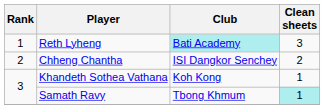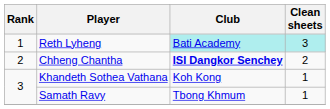 <table class="wikitable" style="text-align:center">
 <tr>
 <th>Rank</th>
 <th>Player</th>
 <th>Club</th>
 <th>Clean<br>sheets</th>
 </tr>
 <tr>
 <td rowspan="1">1</td>
 <td align="left"> <a href='#'>Reth Lyheng</a></td>
 <td align="left" style="background: paleturquoise;"><a href='#'>Bati Academy</a></td>
-<td rowspan="1">3</td>
+<td rowspan="1" style="background: paleturquoise;">3</td>
 </tr>
 <tr>
 <td rowspan="1">2</td>
 <td align="left"> <a href='#'>Chheng Chantha</a></td>
-<td align="left"><a href='#'>ISI Dangkor Senchey</a></td>
+<td align="left"><strong><a href='#'>ISI Dangkor Senchey</a></strong></td>
 <td rowspan="1">2</td>
 </tr>
 <tr>
 <td rowspan="2">3</td>
 <td align="left"> <a href='#'>Khandeth Sothea Vathana</a></td>
 <td align="left"><a href='#'>Koh Kong</a></td>
 <td rowspan="1">1</td>
 </tr>
 <tr>
 <td align="left"> <a href='#'>Samath Ravy</a></td>
 <td align="left"><a href='#'>Tbong Khmum</a></td>
-<td rowspan="1" style="background: paleturquoise;">1</td>
+<td rowspan="1">1</td>
 </tr>
 <tr>
 </tr>
 </table>
